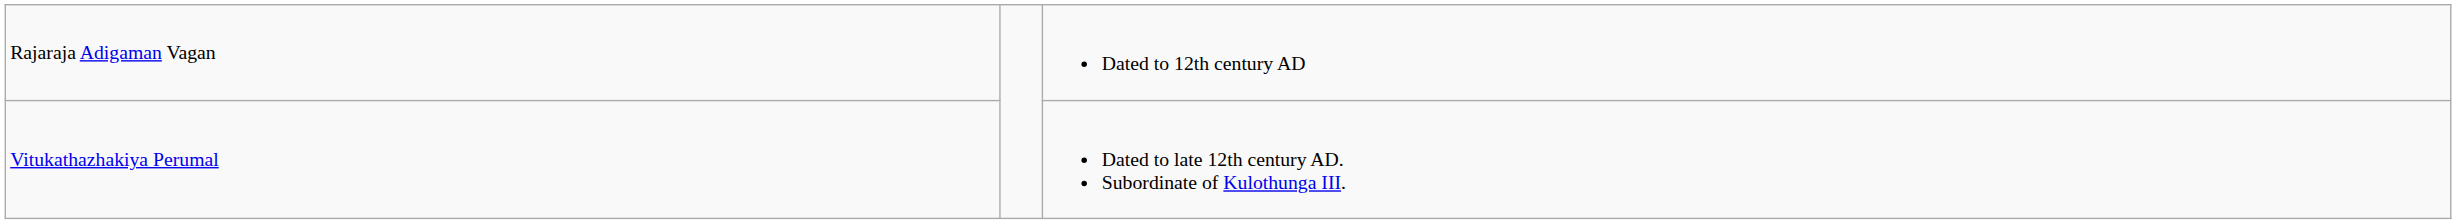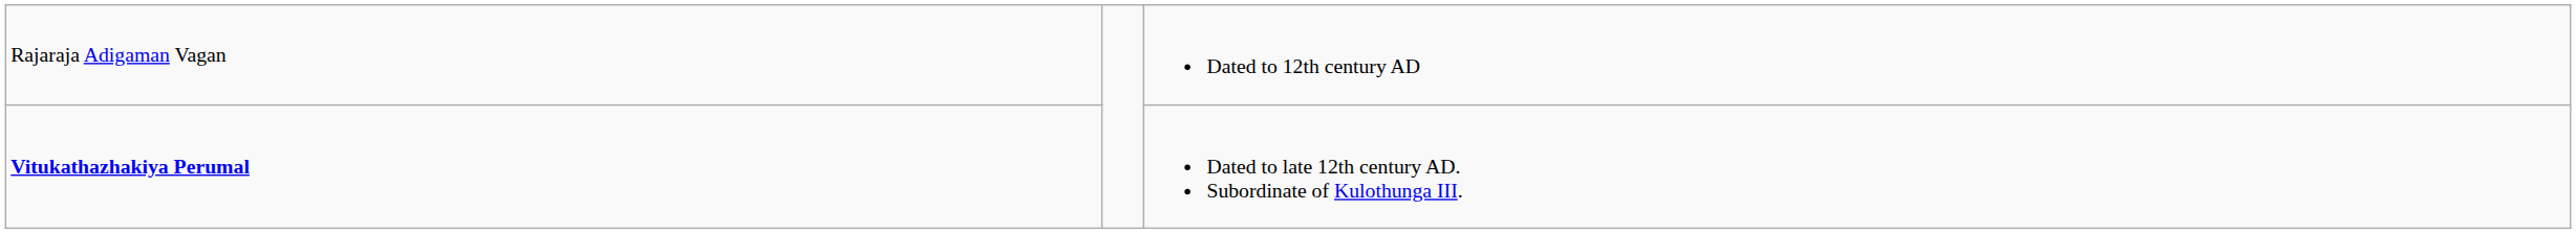 <table class="wikitable" style="width: 90%; font-size: 90%; margin-left: auto; margin-right: auto; border: none;">
 <tr>
 <td>Rajaraja <a href='#'>Adigaman</a> Vagan</td>
 <td rowspan="2"></td>
 <td><br><ul><li>Dated to 12th century AD</li></ul></td>
 </tr>
 <tr>
-<td><a href='#'>Vitukathazhakiya Perumal</a></td>
+<td><strong><a href='#'>Vitukathazhakiya Perumal</a></strong></td>
 <td><br><ul><li>Dated to late 12th century AD.</li><li>Subordinate of <a href='#'>Kulothunga III</a>.</li></ul></td>
 </tr>
 </table>
